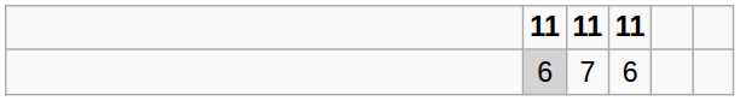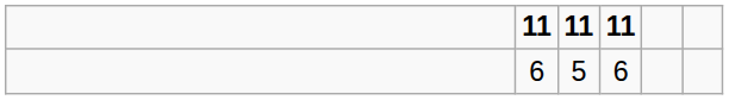 <table class="wikitable">
 <tr>
 <td style="width:18em"><strong></strong></td>
 <td align=center style="width:1em"><strong>11</strong></td>
 <td align=center style="width:1em"><strong>11</strong></td>
 <td align=center style="width:1em"><strong>11</strong></td>
 <td align=center style="width:1em"></td>
 <td align=center style="width:1em"></td>
 </tr>
 <tr>
 <td style="width:18em"></td>
-<td align=center style="background: lightgrey; width:1em">6</td>
-<td align=center style="width:1em">7</td>
+<td align=center style="width:1em">6</td>
+<td align=center style="width:1em">5</td>
 <td align=center style="width:1em">6</td>
 <td align=center style="width:1em"></td>
 <td align=center style="width:1em"></td>
 </tr>
 </table>
